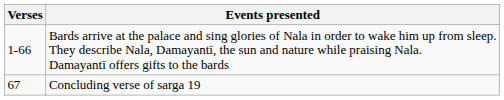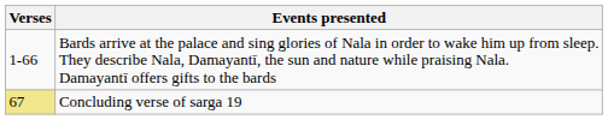 <table class="wikitable">
 <tr>
 <th>Verses</th>
 <th>Events presented</th>
 </tr>
 <tr>
 <td>1-66</td>
 <td>Bards arrive at the palace and sing glories of Nala in order to wake him up from sleep. <br>They describe Nala, Damayantī, the sun and nature while praising Nala. <br>Damayantī offers gifts to the bards</td>
 </tr>
 <tr>
-<td>67</td>
+<td style="background: khaki;">67</td>
 <td>Concluding verse of sarga 19</td>
 </tr>
 </table>
